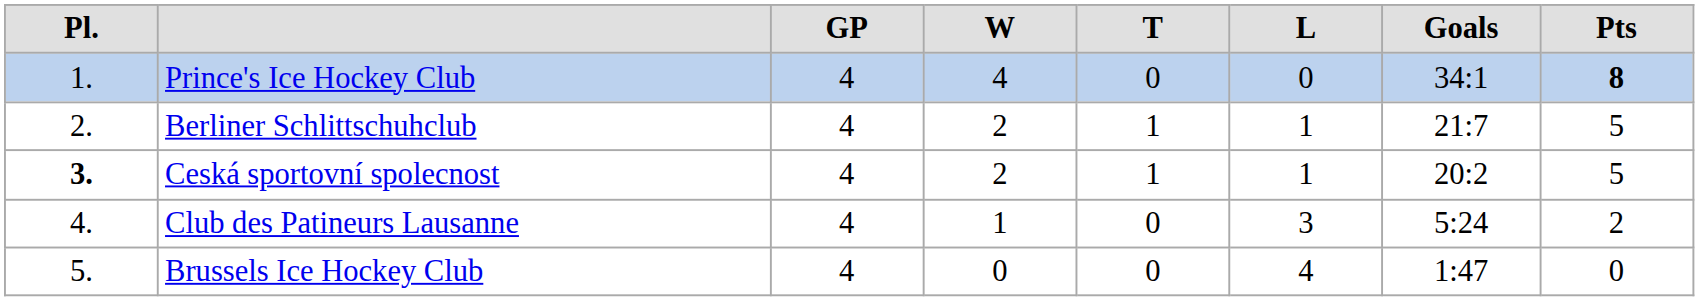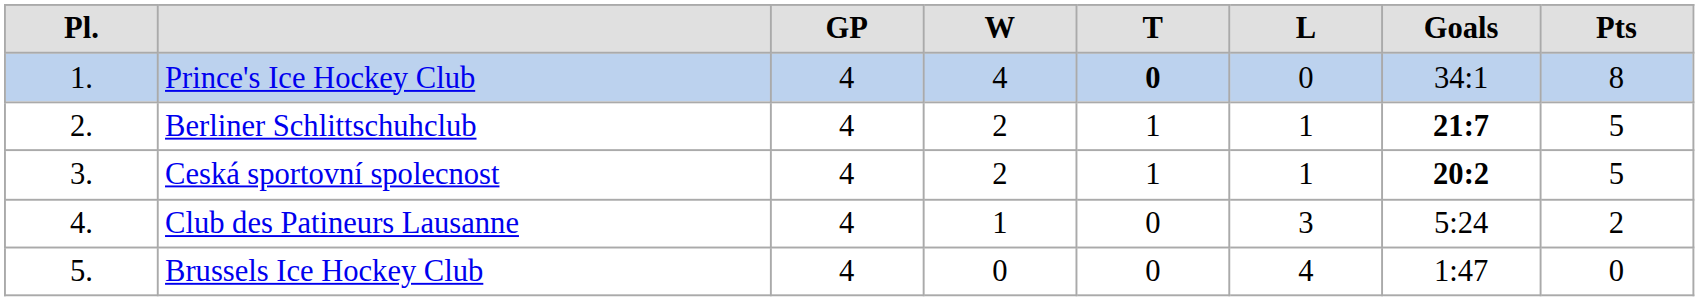 <table class="wikitable" width="70%">
 <tr style="font-weight:bold; background-color:#e0e0e0;" align="center" |>
 <td width="5%">Pl.</td>
 <td width="20%"></td>
 <td width="5%">GP</td>
 <td width="5%">W</td>
 <td width="5%">T</td>
 <td width="5%">L</td>
 <td width="5%">Goals</td>
 <td width="5%">Pts</td>
 </tr>
 <tr align="center" bgcolor="#BCD2EE">
 <td>1.</td>
 <td align="left"> <a href='#'>Prince's Ice Hockey Club</a></td>
 <td>4</td>
 <td>4</td>
-<td>0</td>
+<td><strong>0</strong></td>
 <td>0</td>
 <td>34:1</td>
-<td><strong>8</strong></td>
+<td>8</td>
 </tr>
 <tr align="center" bgcolor="#FFFFFF">
 <td>2.</td>
 <td align="left"> <a href='#'>Berliner Schlittschuhclub</a></td>
 <td>4</td>
 <td>2</td>
 <td>1</td>
 <td>1</td>
-<td>21:7</td>
+<td><strong>21:7</strong></td>
 <td>5</td>
 </tr>
 <tr align="center" bgcolor="#FFFFFF">
-<td><strong>3.</strong></td>
+<td>3.</td>
 <td align="left"> <a href='#'>Ceská sportovní spolecnost</a></td>
 <td>4</td>
 <td>2</td>
 <td>1</td>
 <td>1</td>
-<td>20:2</td>
+<td><strong>20:2</strong></td>
 <td>5</td>
 </tr>
 <tr align="center" bgcolor="#FFFFFF">
 <td>4.</td>
 <td align="left"> <a href='#'>Club des Patineurs Lausanne</a></td>
 <td>4</td>
 <td>1</td>
 <td>0</td>
 <td>3</td>
 <td>5:24</td>
 <td>2</td>
 </tr>
 <tr align="center" bgcolor="#FFFFFF">
 <td>5.</td>
 <td align="left"> <a href='#'>Brussels Ice Hockey Club</a></td>
 <td>4</td>
 <td>0</td>
 <td>0</td>
 <td>4</td>
 <td>1:47</td>
 <td>0</td>
 </tr>
 </table>
